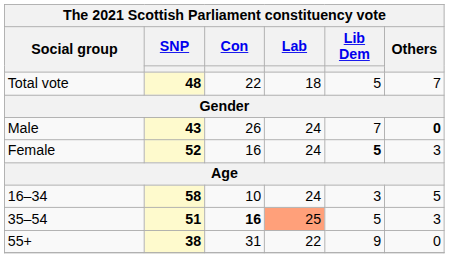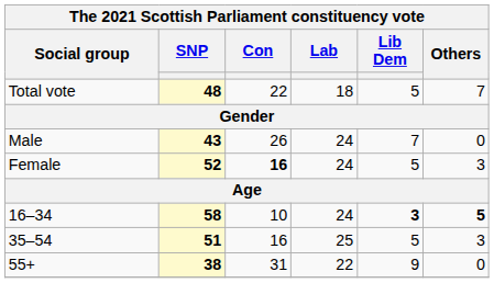 <table class="wikitable sortable">
 <tr>
 <th colspan="10">The 2021 Scottish Parliament constituency vote</th>
 </tr>
 <tr>
 <th style="width:150px;" rowspan="2">Social group</th>
 <th style="width:60px;" class="unsortable"><a href='#'>SNP</a></th>
 <th style="width:60px;" class="unsortable"><a href='#'>Con</a></th>
 <th style="width:60px;" class="unsortable"><a href='#'>Lab</a></th>
 <th style="width:60px;" class="unsortable"><a href='#'>Lib Dem</a></th>
 <th style="width:60px;" rowspan="2" class="unsortable">Others</th>
 </tr>
 <tr>
 <th class="unsortable" style="color:inherit;background:"></th>
 <th class="unsortable" style="color:inherit;background:"></th>
 <th class="unsortable" style="color:inherit;background:"></th>
 <th class="unsortable" style="color:inherit;background:"></th>
 </tr>
 <tr>
 <td>Total vote</td>
 <td style="text-align:right; background:#FEFACD;"><strong>48</strong></td>
 <td style="text-align:right;">22</td>
 <td style="text-align:right;">18</td>
 <td style="text-align:right;">5</td>
 <td style="text-align:right;">7</td>
 </tr>
 <tr>
 <th colspan=6>Gender</th>
 </tr>
 <tr>
 <td>Male</td>
 <td style="text-align:right; background:#FEFACD;"><strong>43</strong></td>
 <td style="text-align:right;">26</td>
 <td style="text-align:right;">24</td>
 <td style="text-align:right;">7</td>
-<td style="text-align:right;"><strong>0</strong></td>
+<td style="text-align:right;">0</td>
 </tr>
 <tr>
 <td>Female</td>
 <td style="text-align:right; background:#FEFACD;"><strong>52</strong></td>
-<td style="text-align:right;">16</td>
+<td style="text-align:right;"><strong>16</strong></td>
 <td style="text-align:right;">24</td>
-<td style="text-align:right;"><strong>5</strong></td>
+<td style="text-align:right;">5</td>
 <td style="text-align:right;">3</td>
 </tr>
 <tr>
 <th colspan=6>Age</th>
 </tr>
 <tr>
 <td>16–34</td>
 <td style="text-align:right; background:#FEFACD;"><strong>58</strong></td>
 <td style="text-align:right;">10</td>
 <td style="text-align:right;">24</td>
-<td style="text-align:right;">3</td>
-<td style="text-align:right;">5</td>
+<td style="text-align:right;"><strong>3</strong></td>
+<td style="text-align:right;"><strong>5</strong></td>
 </tr>
 <tr>
 <td>35–54</td>
 <td style="text-align:right; background:#FEFACD;"><strong>51</strong></td>
-<td style="text-align:right;"><strong>16</strong></td>
-<td style="background: lightsalmon; text-align:right;">25</td>
+<td style="text-align:right;">16</td>
+<td style="text-align:right;">25</td>
 <td style="text-align:right;">5</td>
 <td style="text-align:right;">3</td>
 </tr>
 <tr>
 <td>55+</td>
 <td style="text-align:right; background:#FEFACD;"><strong>38</strong></td>
 <td style="text-align:right;">31</td>
 <td style="text-align:right;">22</td>
 <td style="text-align:right;">9</td>
 <td style="text-align:right;">0</td>
 </tr>
 <tr>
 </tr>
 </table>
